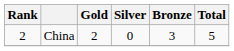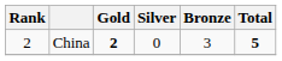 <table class=wikitable style="text-align:center">
 <tr>
 <th>Rank</th>
 <th></th>
 <th>Gold</th>
 <th>Silver</th>
 <th>Bronze</th>
 <th>Total</th>
 </tr>
 <tr>
 <td>2</td>
 <td style="text-align:left"> China</td>
-<td>2</td>
+<td><strong>2</strong></td>
 <td>0</td>
 <td>3</td>
-<td>5</td>
+<td><strong>5</strong></td>
 </tr>
 <tr>
 </tr>
 </table>
